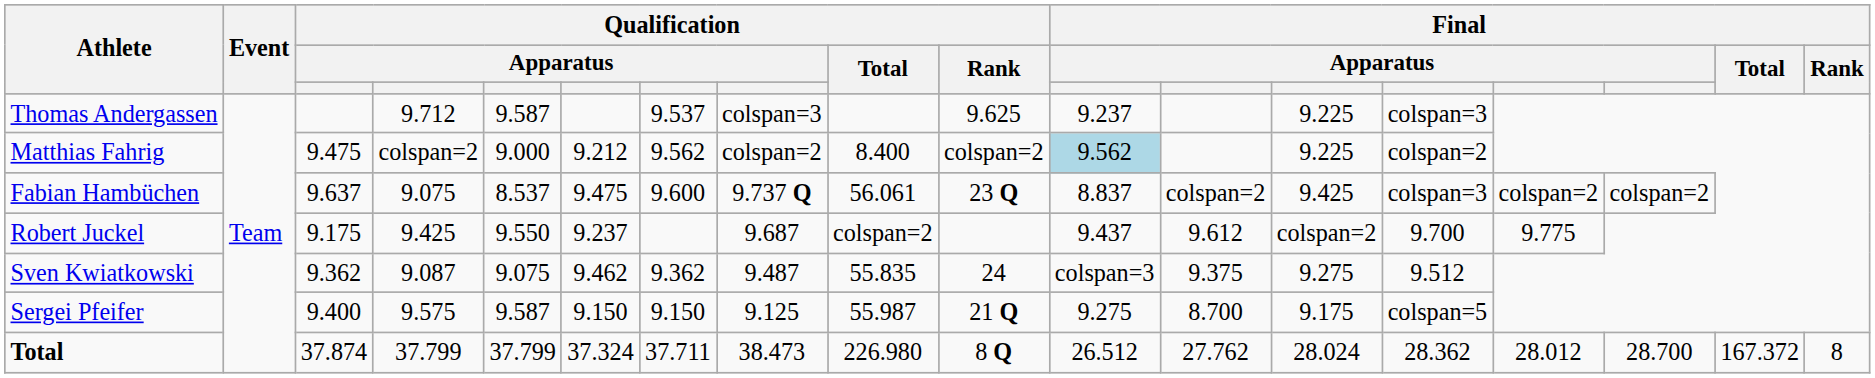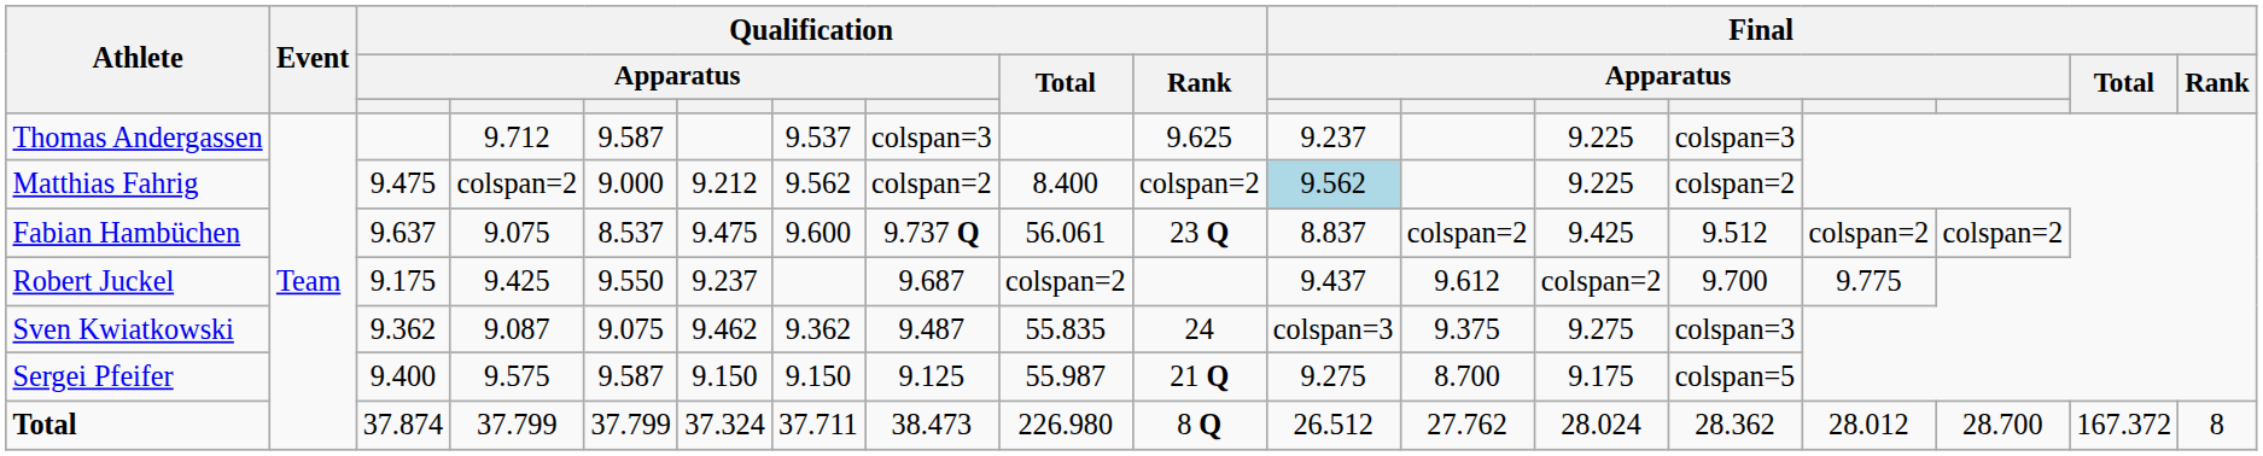 <table class="wikitable" style="font-size:90%">
 <tr>
 <th rowspan=3>Athlete</th>
 <th rowspan=3>Event</th>
 <th colspan =8>Qualification</th>
 <th colspan =8>Final</th>
 </tr>
 <tr style="font-size:95%">
 <th colspan=6>Apparatus</th>
 <th rowspan=2>Total</th>
 <th rowspan=2>Rank</th>
 <th colspan=6>Apparatus</th>
 <th rowspan=2>Total</th>
 <th rowspan=2>Rank</th>
 </tr>
 <tr style="font-size:95%">
 <th></th>
 <th></th>
 <th></th>
 <th></th>
 <th></th>
 <th></th>
 <th></th>
 <th></th>
 <th></th>
 <th></th>
 <th></th>
 <th></th>
 </tr>
 <tr align=center>
 <td align=left><a href='#'>Thomas Andergassen</a></td>
 <td align=left rowspan=7><a href='#'>Team</a></td>
 <td></td>
 <td>9.712</td>
 <td>9.587</td>
 <td></td>
 <td>9.537</td>
 <td>colspan=3 </td>
 <td></td>
 <td>9.625</td>
 <td>9.237</td>
 <td></td>
 <td>9.225</td>
 <td>colspan=3 </td>
 </tr>
 <tr align=center>
 <td align=left><a href='#'>Matthias Fahrig</a></td>
 <td>9.475</td>
 <td>colspan=2 </td>
 <td>9.000</td>
 <td>9.212</td>
 <td>9.562</td>
 <td>colspan=2 </td>
 <td>8.400</td>
 <td>colspan=2 </td>
 <td style="background: lightblue;">9.562</td>
 <td></td>
 <td>9.225</td>
 <td>colspan=2 </td>
 </tr>
 <tr align=center>
 <td align=left><a href='#'>Fabian Hambüchen</a></td>
 <td>9.637</td>
 <td>9.075</td>
 <td>8.537</td>
 <td>9.475</td>
 <td>9.600</td>
 <td>9.737 <strong>Q</strong></td>
 <td>56.061</td>
 <td>23 <strong>Q</strong></td>
 <td>8.837</td>
 <td>colspan=2 </td>
 <td>9.425</td>
-<td>colspan=3 </td>
+<td>9.512</td>
 <td>colspan=2 </td>
 <td>colspan=2 </td>
 </tr>
 <tr align=center>
 <td align=left><a href='#'>Robert Juckel</a></td>
 <td>9.175</td>
 <td>9.425</td>
 <td>9.550</td>
 <td>9.237</td>
 <td></td>
 <td>9.687</td>
 <td>colspan=2 </td>
 <td></td>
 <td>9.437</td>
 <td>9.612</td>
 <td>colspan=2 </td>
 <td>9.700</td>
 <td>9.775</td>
 </tr>
 <tr align=center>
 <td align=left><a href='#'>Sven Kwiatkowski</a></td>
 <td>9.362</td>
 <td>9.087</td>
 <td>9.075</td>
 <td>9.462</td>
 <td>9.362</td>
 <td>9.487</td>
 <td>55.835</td>
 <td>24</td>
 <td>colspan=3 </td>
 <td>9.375</td>
 <td>9.275</td>
-<td>9.512</td>
+<td>colspan=3 </td>
 </tr>
 <tr align=center>
 <td align=left><a href='#'>Sergei Pfeifer</a></td>
 <td>9.400</td>
 <td>9.575</td>
 <td>9.587</td>
 <td>9.150</td>
 <td>9.150</td>
 <td>9.125</td>
 <td>55.987</td>
 <td>21 <strong>Q</strong></td>
 <td>9.275</td>
 <td>8.700</td>
 <td>9.175</td>
 <td>colspan=5 </td>
 </tr>
 <tr align=center>
 <td align=left><strong>Total</strong></td>
 <td>37.874</td>
 <td>37.799</td>
 <td>37.799</td>
 <td>37.324</td>
 <td>37.711</td>
 <td>38.473</td>
 <td>226.980</td>
 <td>8 <strong>Q</strong></td>
 <td>26.512</td>
 <td>27.762</td>
 <td>28.024</td>
 <td>28.362</td>
 <td>28.012</td>
 <td>28.700</td>
 <td>167.372</td>
 <td>8</td>
 </tr>
 </table>
